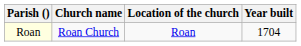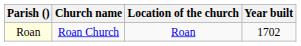 <table class="wikitable" style="text-align:center">
 <tr>
 <th>Parish ()</th>
 <th>Church name</th>
 <th>Location of the church</th>
 <th>Year built</th>
 </tr>
 <tr>
 <td style="background: lightyellow;">Roan</td>
 <td><a href='#'>Roan Church</a></td>
 <td><a href='#'>Roan</a></td>
-<td>1704</td>
+<td>1702</td>
 </tr>
 </table>
